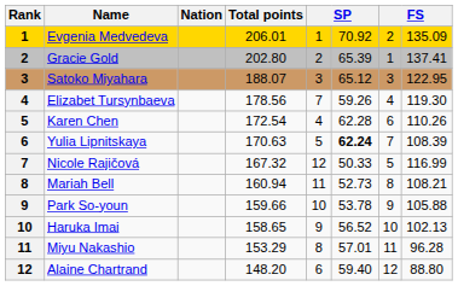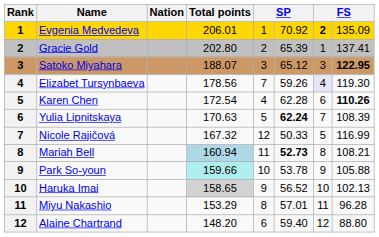 <table class="wikitable sortable">
 <tr>
 <th>Rank</th>
 <th>Name</th>
 <th>Nation</th>
 <th>Total points</th>
 <th colspan="2" width="80px"><a href='#'>SP</a></th>
 <th colspan="2" width="80px"><a href='#'>FS</a></th>
 </tr>
 <tr bgcolor="gold">
 <td align="center"><strong>1</strong></td>
 <td><a href='#'>Evgenia Medvedeva</a></td>
 <td></td>
 <td align="center">206.01</td>
 <td align="center">1</td>
 <td align="center">70.92</td>
-<td align="center">2</td>
+<td align="center"><strong>2</strong></td>
 <td align="center">135.09</td>
 </tr>
 <tr bgcolor="silver">
 <td align="center"><strong>2</strong></td>
 <td><a href='#'>Gracie Gold</a></td>
 <td></td>
 <td align="center">202.80</td>
 <td align="center">2</td>
 <td align="center">65.39</td>
 <td align="center">1</td>
 <td align="center">137.41</td>
 </tr>
 <tr bgcolor="cc9966">
 <td align="center"><strong>3</strong></td>
 <td><a href='#'>Satoko Miyahara</a></td>
 <td></td>
 <td align="center">188.07</td>
 <td align="center">3</td>
 <td align="center">65.12</td>
 <td align="center">3</td>
-<td align="center">122.95</td>
+<td align="center"><strong>122.95</strong></td>
 </tr>
 <tr>
 <th>4</th>
 <td><a href='#'>Elizabet Tursynbaeva</a></td>
 <td></td>
 <td align="center">178.56</td>
 <td align="center">7</td>
 <td align="center">59.26</td>
-<td align="center">4</td>
+<td align="center" style="background: lavender;">4</td>
 <td align="center">119.30</td>
 </tr>
 <tr>
 <th>5</th>
 <td><a href='#'>Karen Chen</a></td>
 <td></td>
 <td align="center">172.54</td>
 <td align="center">4</td>
 <td align="center">62.28</td>
 <td align="center">6</td>
-<td align="center">110.26</td>
+<td align="center"><strong>110.26</strong></td>
 </tr>
 <tr>
 <th>6</th>
 <td><a href='#'>Yulia Lipnitskaya</a></td>
 <td></td>
 <td align="center">170.63</td>
 <td align="center">5</td>
 <td align="center"><strong>62.24</strong></td>
 <td align="center">7</td>
 <td align="center">108.39</td>
 </tr>
 <tr>
 <th>7</th>
 <td><a href='#'>Nicole Rajičová</a></td>
 <td></td>
 <td align="center">167.32</td>
 <td align="center">12</td>
 <td align="center">50.33</td>
 <td align="center">5</td>
 <td align="center">116.99</td>
 </tr>
 <tr>
 <th>8</th>
 <td><a href='#'>Mariah Bell</a></td>
 <td></td>
-<td align="center">160.94</td>
+<td align="center" style="background: lightblue;">160.94</td>
 <td align="center">11</td>
-<td align="center">52.73</td>
+<td align="center"><strong>52.73</strong></td>
 <td align="center">8</td>
 <td align="center">108.21</td>
 </tr>
 <tr>
 <th>9</th>
 <td><a href='#'>Park So-youn</a></td>
 <td></td>
-<td align="center">159.66</td>
+<td align="center" style="background: paleturquoise;">159.66</td>
 <td align="center">10</td>
 <td align="center">53.78</td>
 <td align="center">9</td>
 <td align="center">105.88</td>
 </tr>
 <tr>
 <th>10</th>
 <td><a href='#'>Haruka Imai</a></td>
 <td></td>
-<td align="center">158.65</td>
+<td align="center" style="background: lightgrey;">158.65</td>
 <td align="center">9</td>
 <td align="center">56.52</td>
 <td align="center">10</td>
 <td align="center">102.13</td>
 </tr>
 <tr>
 <th>11</th>
 <td><a href='#'>Miyu Nakashio</a></td>
 <td></td>
 <td align="center">153.29</td>
 <td align="center">8</td>
 <td align="center">57.01</td>
 <td align="center">11</td>
 <td align="center">96.28</td>
 </tr>
 <tr>
 <th>12</th>
 <td><a href='#'>Alaine Chartrand</a></td>
 <td></td>
 <td align="center">148.20</td>
 <td align="center">6</td>
 <td align="center">59.40</td>
 <td align="center">12</td>
 <td align="center">88.80</td>
 </tr>
 </table>
